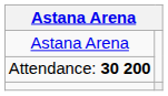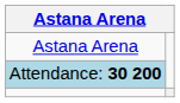 <table class="wikitable" style="text-align:center;">
 <tr>
 <th colspan="4" align="center"><a href='#'>Astana Arena</a></th>
 </tr>
 <tr>
 <td><a href='#'>Astana Arena</a></td>
 </tr>
 <tr>
-<td>Attendance: <strong>30 200</strong></td>
+<td style="background: lightblue;">Attendance: <strong>30 200</strong></td>
 </tr>
 <tr>
 <td></td>
 <th rowspan=8 colspan=2><div></div></th>
 </tr>
 </table>
